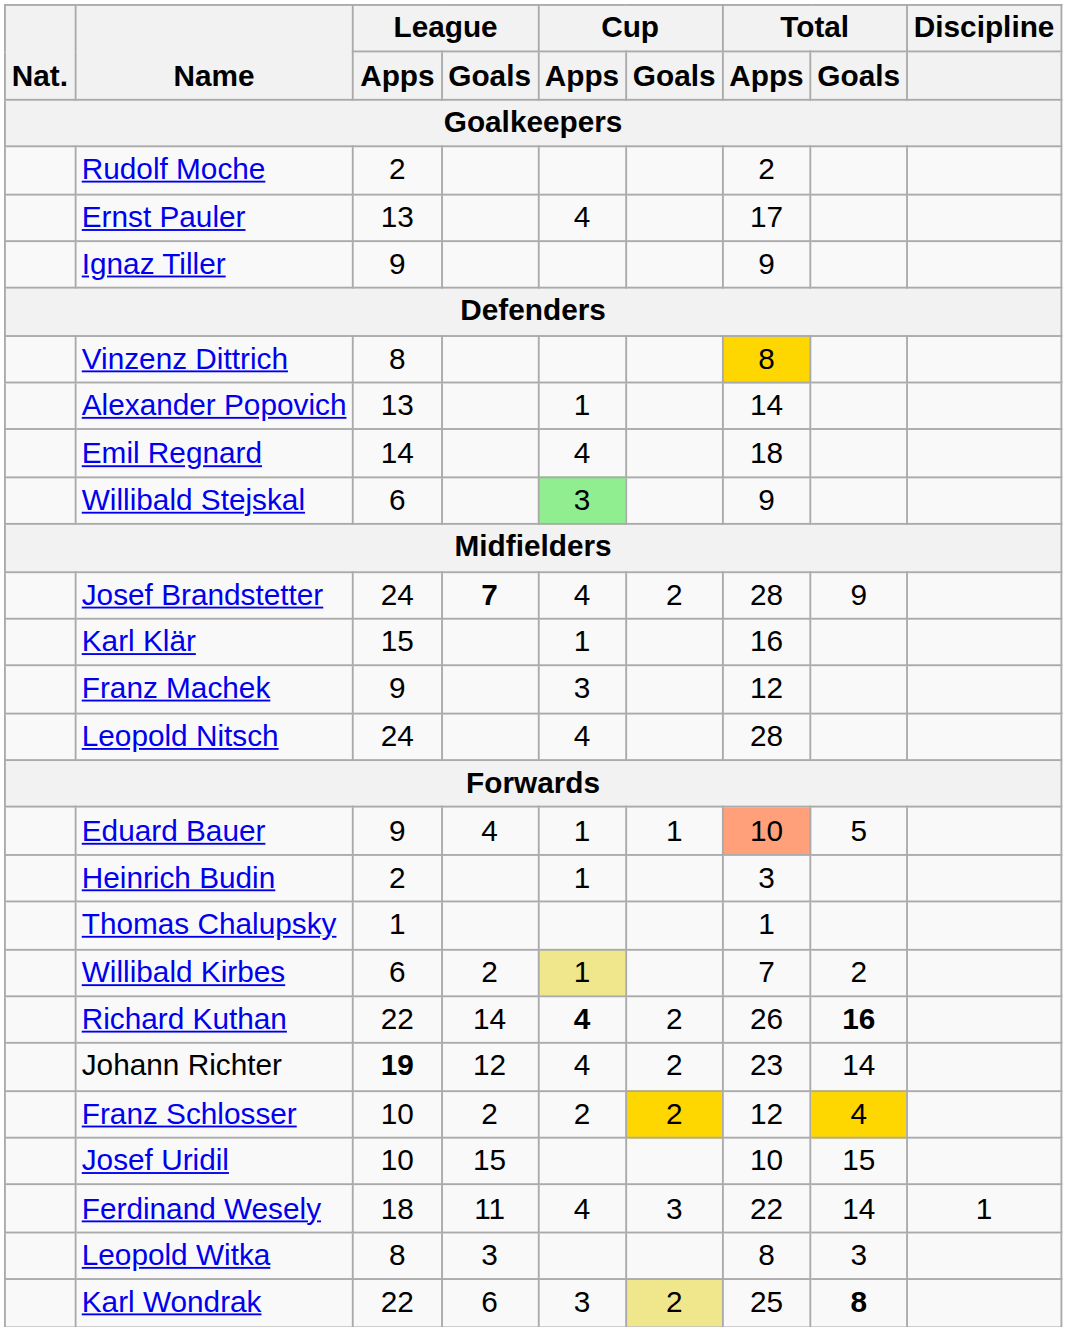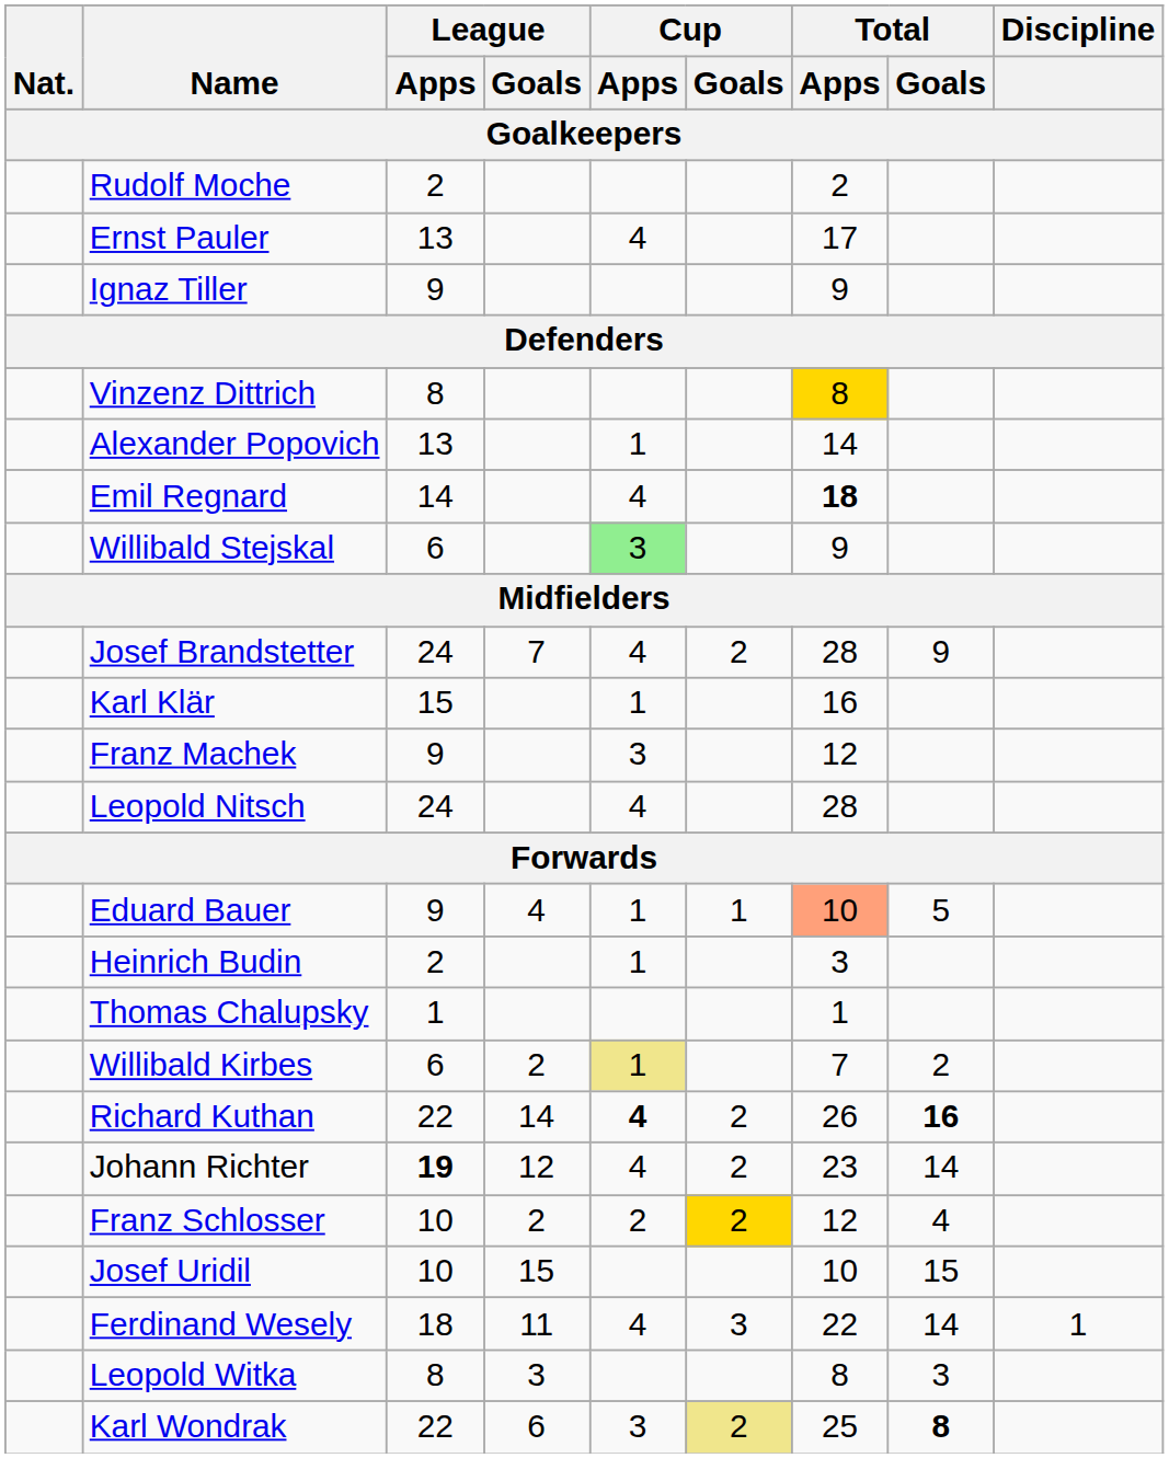 <table class="wikitable" style="text-align:center">
 <tr>
 <th rowspan="2" valign="bottom">Nat.</th>
 <th rowspan="2" valign="bottom">Name</th>
 <th colspan="2" width="85">League</th>
 <th colspan="2" width="85">Cup</th>
 <th colspan="2" width="85">Total</th>
 <th valign="bottom">Discipline</th>
 </tr>
 <tr>
 <th>Apps</th>
 <th>Goals</th>
 <th>Apps</th>
 <th>Goals</th>
 <th>Apps</th>
 <th>Goals</th>
 <th></th>
 </tr>
 <tr>
 <th colspan=15>Goalkeepers</th>
 </tr>
 <tr>
 <td></td>
 <td align="left"><a href='#'>Rudolf Moche</a></td>
 <td>2</td>
 <td></td>
 <td></td>
 <td></td>
 <td>2</td>
 <td></td>
 <td></td>
 </tr>
 <tr>
 <td></td>
 <td align="left"><a href='#'>Ernst Pauler</a></td>
 <td>13</td>
 <td></td>
 <td>4</td>
 <td></td>
 <td>17</td>
 <td></td>
 <td></td>
 </tr>
 <tr>
 <td></td>
 <td align="left"><a href='#'>Ignaz Tiller</a></td>
 <td>9</td>
 <td></td>
 <td></td>
 <td></td>
 <td>9</td>
 <td></td>
 <td></td>
 </tr>
 <tr>
 <th colspan=15>Defenders</th>
 </tr>
 <tr>
 <td></td>
 <td align="left"><a href='#'>Vinzenz Dittrich</a></td>
 <td>8</td>
 <td></td>
 <td></td>
 <td></td>
 <td style="background: gold;">8</td>
 <td></td>
 <td></td>
 </tr>
 <tr>
 <td></td>
 <td align="left"><a href='#'>Alexander Popovich</a></td>
 <td>13</td>
 <td></td>
 <td>1</td>
 <td></td>
 <td>14</td>
 <td></td>
 <td></td>
 </tr>
 <tr>
 <td></td>
 <td align="left"><a href='#'>Emil Regnard</a></td>
 <td>14</td>
 <td></td>
 <td>4</td>
 <td></td>
-<td>18</td>
+<td><strong>18</strong></td>
 <td></td>
 <td></td>
 </tr>
 <tr>
 <td></td>
 <td align="left"><a href='#'>Willibald Stejskal</a></td>
 <td>6</td>
 <td></td>
 <td style="background: lightgreen;">3</td>
 <td></td>
 <td>9</td>
 <td></td>
 <td></td>
 </tr>
 <tr>
 <th colspan=15>Midfielders</th>
 </tr>
 <tr>
 <td></td>
 <td align="left"><a href='#'>Josef Brandstetter</a></td>
 <td>24</td>
-<td><strong>7</strong></td>
+<td>7</td>
 <td>4</td>
 <td>2</td>
 <td>28</td>
 <td>9</td>
 <td></td>
 </tr>
 <tr>
 <td></td>
 <td align="left"><a href='#'>Karl Klär</a></td>
 <td>15</td>
 <td></td>
 <td>1</td>
 <td></td>
 <td>16</td>
 <td></td>
 <td></td>
 </tr>
 <tr>
 <td></td>
 <td align="left"><a href='#'>Franz Machek</a></td>
 <td>9</td>
 <td></td>
 <td>3</td>
 <td></td>
 <td>12</td>
 <td></td>
 <td></td>
 </tr>
 <tr>
 <td></td>
 <td align="left"><a href='#'>Leopold Nitsch</a></td>
 <td>24</td>
 <td></td>
 <td>4</td>
 <td></td>
 <td>28</td>
 <td></td>
 <td></td>
 </tr>
 <tr>
 <th colspan=15>Forwards</th>
 </tr>
 <tr>
 <td></td>
 <td align="left"><a href='#'>Eduard Bauer</a></td>
 <td>9</td>
 <td>4</td>
 <td>1</td>
 <td>1</td>
 <td style="background: lightsalmon;">10</td>
 <td>5</td>
 <td></td>
 </tr>
 <tr>
 <td></td>
 <td align="left"><a href='#'>Heinrich Budin</a></td>
 <td>2</td>
 <td></td>
 <td>1</td>
 <td></td>
 <td>3</td>
 <td></td>
 <td></td>
 </tr>
 <tr>
 <td></td>
 <td align="left"><a href='#'>Thomas Chalupsky</a></td>
 <td>1</td>
 <td></td>
 <td></td>
 <td></td>
 <td>1</td>
 <td></td>
 <td></td>
 </tr>
 <tr>
 <td></td>
 <td align="left"><a href='#'>Willibald Kirbes</a></td>
 <td>6</td>
 <td>2</td>
 <td style="background: khaki;">1</td>
 <td></td>
 <td>7</td>
 <td>2</td>
 <td></td>
 </tr>
 <tr>
 <td></td>
 <td align="left"><a href='#'>Richard Kuthan</a></td>
 <td>22</td>
 <td>14</td>
 <td><strong>4</strong></td>
 <td>2</td>
 <td>26</td>
 <td><strong>16</strong></td>
 <td></td>
 </tr>
 <tr>
 <td></td>
 <td align="left">Johann Richter</td>
 <td><strong>19</strong></td>
 <td>12</td>
 <td>4</td>
 <td>2</td>
 <td>23</td>
 <td>14</td>
 <td></td>
 </tr>
 <tr>
 <td></td>
 <td align="left"><a href='#'>Franz Schlosser</a></td>
 <td>10</td>
 <td>2</td>
 <td>2</td>
 <td style="background: gold;">2</td>
 <td>12</td>
-<td style="background: gold;">4</td>
+<td>4</td>
 <td></td>
 </tr>
 <tr>
 <td></td>
 <td align="left"><a href='#'>Josef Uridil</a></td>
 <td>10</td>
 <td>15</td>
 <td></td>
 <td></td>
 <td>10</td>
 <td>15</td>
 <td></td>
 </tr>
 <tr>
 <td></td>
 <td align="left"><a href='#'>Ferdinand Wesely</a></td>
 <td>18</td>
 <td>11</td>
 <td>4</td>
 <td>3</td>
 <td>22</td>
 <td>14</td>
 <td>1</td>
 </tr>
 <tr>
 <td></td>
 <td align="left"><a href='#'>Leopold Witka</a></td>
 <td>8</td>
 <td>3</td>
 <td></td>
 <td></td>
 <td>8</td>
 <td>3</td>
 <td></td>
 </tr>
 <tr>
 <td></td>
 <td align="left"><a href='#'>Karl Wondrak</a></td>
 <td>22</td>
 <td>6</td>
 <td>3</td>
 <td style="background: khaki;">2</td>
 <td>25</td>
 <td><strong>8</strong></td>
 <td></td>
 </tr>
 </table>
